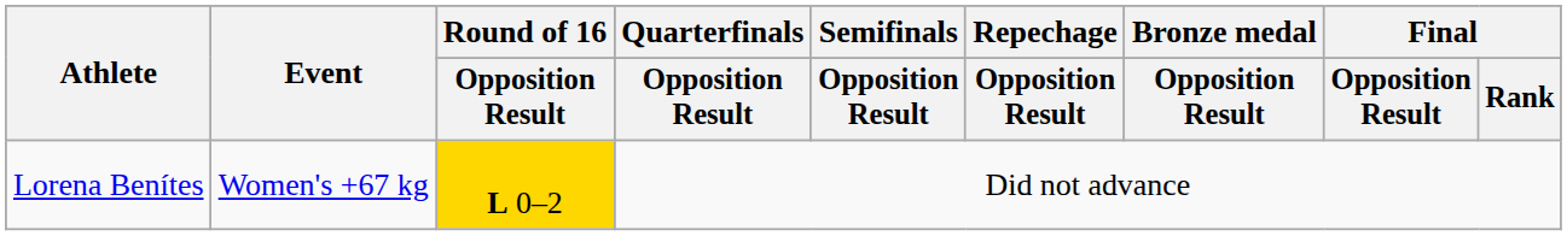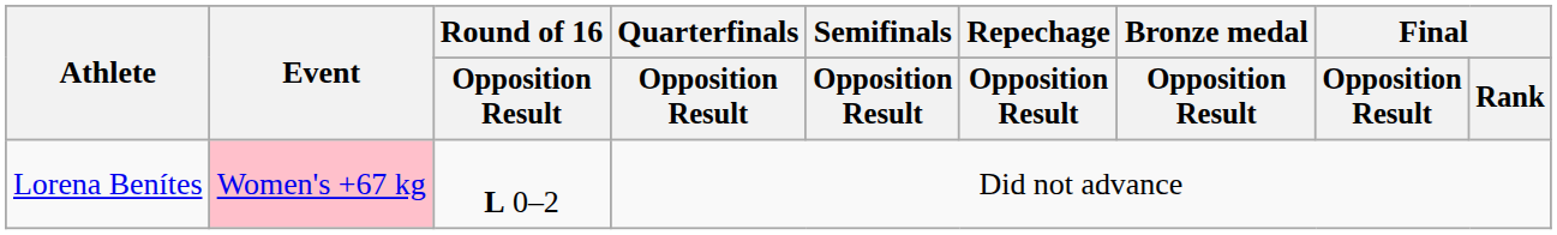 <table class="wikitable" style="font-size:90%">
 <tr>
 <th rowspan="2">Athlete</th>
 <th rowspan="2">Event</th>
 <th>Round of 16</th>
 <th>Quarterfinals</th>
 <th>Semifinals</th>
 <th>Repechage</th>
 <th>Bronze medal</th>
 <th colspan="2">Final</th>
 </tr>
 <tr style="font-size:95%">
 <th>Opposition<br>Result</th>
 <th>Opposition<br>Result</th>
 <th>Opposition<br>Result</th>
 <th>Opposition<br>Result</th>
 <th>Opposition<br>Result</th>
 <th>Opposition<br>Result</th>
 <th>Rank</th>
 </tr>
 <tr align=center>
 <td align=left><a href='#'>Lorena Benítes</a></td>
-<td align=left><a href='#'>Women's +67 kg</a></td>
-<td style="background: gold;"><br><strong>L</strong> 0–2</td>
+<td align=left style="background: pink;"><a href='#'>Women's +67 kg</a></td>
+<td><br><strong>L</strong> 0–2</td>
 <td colspan=6>Did not advance</td>
 </tr>
 </table>
